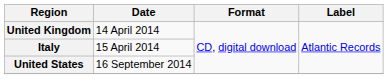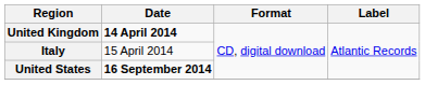 <table class="wikitable plainrowheaders">
 <tr>
 <th>Region</th>
 <th>Date</th>
 <th>Format</th>
 <th>Label</th>
 </tr>
 <tr>
 <th scope="row">United Kingdom</th>
-<td>14 April 2014</td>
+<td><strong>14 April 2014</strong></td>
 <td rowspan="3"><a href='#'>CD</a>, <a href='#'>digital download</a></td>
 <td rowspan="3"><a href='#'>Atlantic Records</a></td>
 </tr>
 <tr>
 <th scope="row">Italy</th>
 <td>15 April 2014</td>
 </tr>
 <tr>
 <th scope="row">United States</th>
-<td>16 September 2014</td>
+<td><strong>16 September 2014</strong></td>
 </tr>
 <tr>
 </tr>
 </table>
